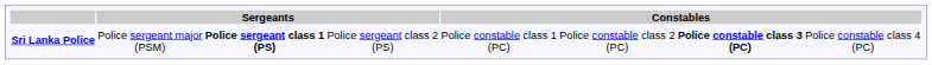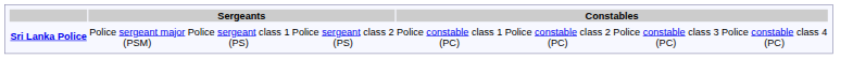 <table style="border:1px solid #8888aa; background:#f7f8ff; padding:5px; font-size:95%; margin:0 12px 12px 0;">
 <tr style="background:#ccc;">
 <th></th>
 <th colspan=3>Sergeants</th>
 <th colspan=4>Constables</th>
 </tr>
 <tr style="text-align:center">
 <th Rowspan=2> <a href='#'>Sri Lanka Police</a></th>
 <td></td>
 <td></td>
 <td></td>
 <td></td>
 <td></td>
 <td></td>
 <td></td>
 </tr>
 <tr style="text-align:center">
 <td>Police <a href='#'>sergeant major</a><br>(PSM)</td>
-<td><strong>Police <a href='#'>sergeant</a> class 1<br>(PS)</strong></td>
+<td>Police <a href='#'>sergeant</a> class 1<br>(PS)</td>
 <td>Police <a href='#'>sergeant</a> class 2<br>(PS)</td>
 <td>Police <a href='#'>constable</a> class 1<br>(PC)</td>
 <td>Police <a href='#'>constable</a> class 2<br>(PC)</td>
-<td><strong>Police <a href='#'>constable</a> class 3<br>(PC)</strong></td>
+<td>Police <a href='#'>constable</a> class 3<br>(PC)</td>
 <td>Police <a href='#'>constable</a> class 4<br>(PC)</td>
 </tr>
 </table>
